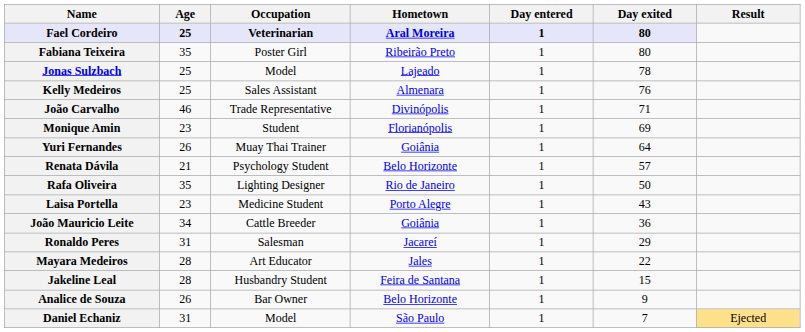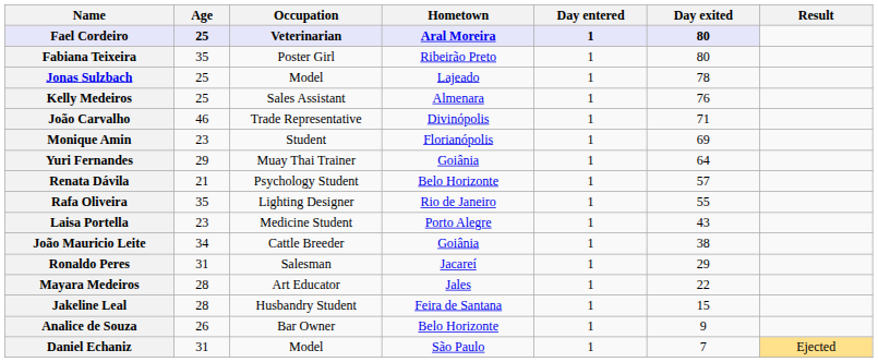 <table class="wikitable sortable" style="text-align:center;">
 <tr>
 <th scope="col" width="15.0%">Name</th>
 <th scope="col" width="05.0%">Age</th>
 <th scope="col" width="13.5%">Occupation</th>
 <th scope="col" width="13.5%">Hometown</th>
 <th scope="col" width="10.0%">Day entered</th>
 <th scope="col" width="10.0%">Day exited</th>
 <th scope="col" width="10.0%">Result</th>
 </tr>
 <tr>
 <td bgcolor="E6E6FA"><strong>Fael Cordeiro</strong></td>
 <td bgcolor="E6E6FA"><strong>25</strong></td>
 <td bgcolor="E6E6FA"><strong>Veterinarian</strong></td>
 <td bgcolor="E6E6FA"><strong><a href='#'>Aral Moreira</a></strong></td>
 <td bgcolor="E6E6FA"><strong>1</strong></td>
 <td bgcolor="E6E6FA"><strong>80</strong></td>
 <td></td>
 </tr>
 <tr>
 <th>Fabiana Teixeira</th>
 <td>35</td>
 <td>Poster Girl</td>
 <td><a href='#'>Ribeirão Preto</a></td>
 <td>1</td>
 <td>80</td>
 <td></td>
 </tr>
 <tr>
 <th><a href='#'>Jonas Sulzbach</a></th>
 <td>25</td>
 <td>Model</td>
 <td><a href='#'>Lajeado</a></td>
 <td>1</td>
 <td>78</td>
 <td></td>
 </tr>
 <tr>
 <th>Kelly Medeiros</th>
 <td>25</td>
 <td>Sales Assistant</td>
 <td><a href='#'>Almenara</a></td>
 <td>1</td>
 <td>76</td>
 <td></td>
 </tr>
 <tr>
 <th>João Carvalho</th>
 <td>46</td>
 <td>Trade Representative</td>
 <td><a href='#'>Divinópolis</a></td>
 <td>1</td>
 <td>71</td>
 <td></td>
 </tr>
 <tr>
 <th>Monique Amin</th>
 <td>23</td>
 <td>Student</td>
 <td><a href='#'>Florianópolis</a></td>
 <td>1</td>
 <td>69</td>
 <td></td>
 </tr>
 <tr>
 <th>Yuri Fernandes</th>
-<td>26</td>
+<td>29</td>
 <td>Muay Thai Trainer</td>
 <td><a href='#'>Goiânia</a></td>
 <td>1</td>
 <td>64</td>
 <td></td>
 </tr>
 <tr>
 <th>Renata Dávila</th>
 <td>21</td>
 <td>Psychology Student</td>
 <td><a href='#'>Belo Horizonte</a></td>
 <td>1</td>
 <td>57</td>
 <td></td>
 </tr>
 <tr>
 <th>Rafa Oliveira</th>
 <td>35</td>
 <td>Lighting Designer</td>
 <td><a href='#'>Rio de Janeiro</a></td>
 <td>1</td>
-<td>50</td>
+<td>55</td>
 <td></td>
 </tr>
 <tr>
 <th>Laisa Portella</th>
 <td>23</td>
 <td>Medicine Student</td>
 <td><a href='#'>Porto Alegre</a></td>
 <td>1</td>
 <td>43</td>
 <td></td>
 </tr>
 <tr>
 <th>João Mauricio Leite</th>
 <td>34</td>
 <td>Cattle Breeder</td>
 <td><a href='#'>Goiânia</a></td>
 <td>1</td>
-<td>36</td>
+<td>38</td>
 <td></td>
 </tr>
 <tr>
 <th>Ronaldo Peres</th>
 <td>31</td>
 <td>Salesman</td>
 <td><a href='#'>Jacareí</a></td>
 <td>1</td>
 <td>29</td>
 <td></td>
 </tr>
 <tr>
 <th>Mayara Medeiros</th>
 <td>28</td>
 <td>Art Educator</td>
 <td><a href='#'>Jales</a></td>
 <td>1</td>
 <td>22</td>
 <td></td>
 </tr>
 <tr>
 <th>Jakeline Leal</th>
 <td>28</td>
 <td>Husbandry Student</td>
 <td><a href='#'>Feira de Santana</a></td>
 <td>1</td>
 <td>15</td>
 <td></td>
 </tr>
 <tr>
 <th>Analice de Souza</th>
 <td>26</td>
 <td>Bar Owner</td>
 <td><a href='#'>Belo Horizonte</a></td>
 <td>1</td>
 <td>9</td>
 <td></td>
 </tr>
 <tr>
 <th>Daniel Echaniz</th>
 <td>31</td>
 <td>Model</td>
 <td><a href='#'>São Paulo</a></td>
 <td>1</td>
 <td>7</td>
 <td bgcolor=FFE08B>Ejected</td>
 </tr>
 </table>
